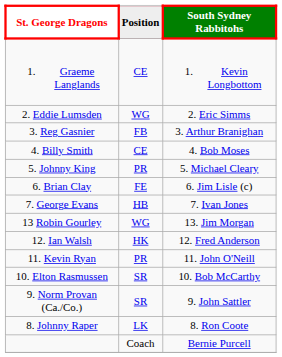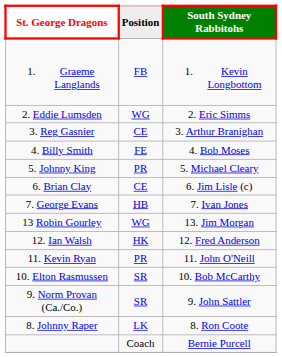 <table align="right" class="wikitable" style="font-size:90%; margin-left:1em">
 <tr bgcolor="#FF0033">
 <th style="width:140px; border:3px solid red; background: white; color: red">St. George Dragons</th>
 <th style="width:40px; text-align:center; background:#eee; color:black;">Position</th>
 <th style="width:140px; border:3px solid red; background: green; color: white">South Sydney Rabbitohs</th>
 </tr>
 <tr align=center>
 <td><br><ol><li><a href='#'>Graeme Langlands</a></li></ol></td>
-<td><a href='#'>CE</a></td>
+<td><a href='#'>FB</a></td>
 <td><br><ol><li><a href='#'>Kevin Longbottom</a></li></ol></td>
 </tr>
 <tr align=center>
 <td>2. <a href='#'>Eddie Lumsden</a></td>
 <td><a href='#'>WG</a></td>
 <td>2. <a href='#'>Eric Simms</a></td>
 </tr>
 <tr align=center>
 <td>3. <a href='#'>Reg Gasnier</a></td>
-<td><a href='#'>FB</a></td>
+<td><a href='#'>CE</a></td>
 <td>3. <a href='#'>Arthur Branighan</a></td>
 </tr>
 <tr align=center>
 <td>4. <a href='#'>Billy Smith</a></td>
-<td><a href='#'>CE</a></td>
+<td><a href='#'>FE</a></td>
 <td>4. <a href='#'>Bob Moses</a></td>
 </tr>
 <tr align=center>
 <td>5. <a href='#'>Johnny King</a></td>
 <td><a href='#'>PR</a></td>
 <td>5. <a href='#'>Michael Cleary</a></td>
 </tr>
 <tr align=center>
 <td>6. <a href='#'>Brian Clay</a></td>
-<td><a href='#'>FE</a></td>
+<td><a href='#'>CE</a></td>
 <td>6. <a href='#'>Jim Lisle</a> (c)</td>
 </tr>
 <tr align=center>
 <td>7. <a href='#'>George Evans</a></td>
 <td><a href='#'>HB</a></td>
 <td>7. <a href='#'>Ivan Jones</a></td>
 </tr>
 <tr align=center>
 <td>13 <a href='#'>Robin Gourley</a></td>
 <td><a href='#'>WG</a></td>
 <td>13. <a href='#'>Jim Morgan</a></td>
 </tr>
 <tr align=center>
 <td>12. <a href='#'>Ian Walsh</a></td>
 <td><a href='#'>HK</a></td>
 <td>12. <a href='#'>Fred Anderson</a></td>
 </tr>
 <tr align=center>
 <td>11. <a href='#'>Kevin Ryan</a></td>
 <td><a href='#'>PR</a></td>
 <td>11. <a href='#'>John O'Neill</a></td>
 </tr>
 <tr align=center>
 <td>10. <a href='#'>Elton Rasmussen</a></td>
 <td><a href='#'>SR</a></td>
 <td>10. <a href='#'>Bob McCarthy</a></td>
 </tr>
 <tr align=center>
 <td>9. <a href='#'>Norm Provan</a> (Ca./Co.)</td>
 <td><a href='#'>SR</a></td>
 <td>9. <a href='#'>John Sattler</a></td>
 </tr>
 <tr align=center>
 <td>8. <a href='#'>Johnny Raper</a></td>
 <td><a href='#'>LK</a></td>
 <td>8. <a href='#'>Ron Coote</a></td>
 </tr>
 <tr align=center>
 <td></td>
 <td>Coach</td>
 <td><a href='#'>Bernie Purcell</a></td>
 </tr>
 <tr>
 </tr>
 </table>
